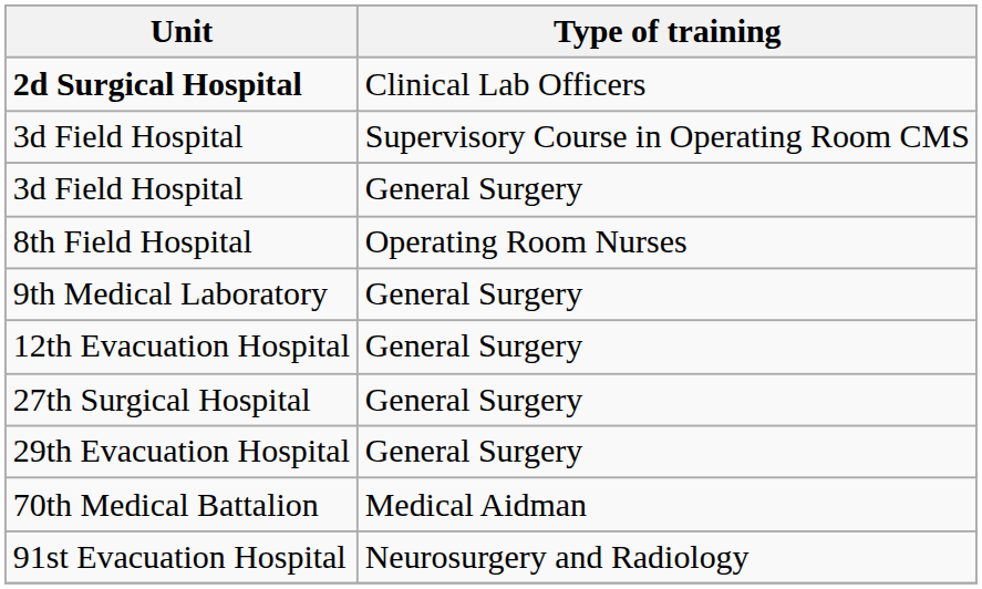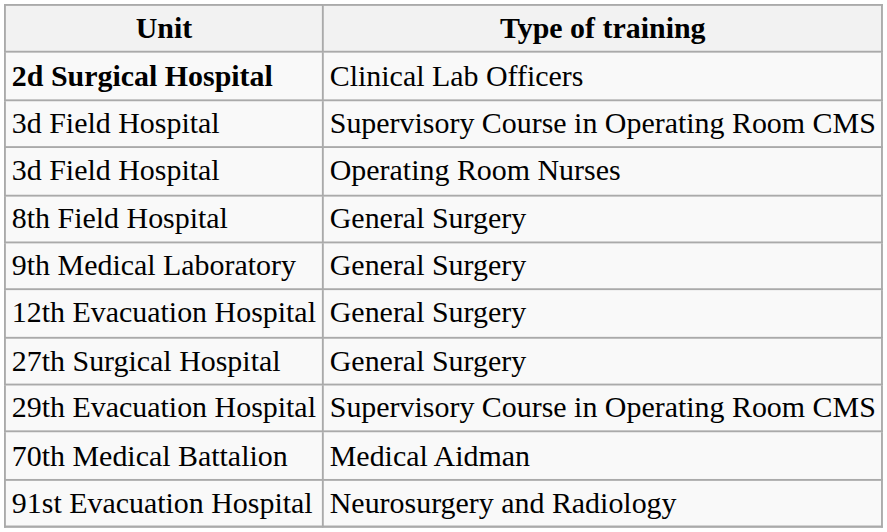 <table class="wikitable">
 <tr>
 <th>Unit</th>
 <th>Type of training</th>
 </tr>
 <tr>
 <td><strong>2d Surgical Hospital</strong></td>
 <td>Clinical Lab Officers</td>
 </tr>
 <tr>
 <td>3d Field Hospital</td>
 <td>Supervisory Course in Operating Room CMS</td>
 </tr>
 <tr>
 <td>3d Field Hospital</td>
-<td>General Surgery</td>
+<td>Operating Room Nurses</td>
 </tr>
 <tr>
 <td>8th Field Hospital</td>
-<td>Operating Room Nurses</td>
+<td>General Surgery</td>
 </tr>
 <tr>
 <td>9th Medical Laboratory</td>
 <td>General Surgery</td>
 </tr>
 <tr>
 <td>12th Evacuation Hospital</td>
 <td>General Surgery</td>
 </tr>
 <tr>
 <td>27th Surgical Hospital</td>
 <td>General Surgery</td>
 </tr>
 <tr>
 <td>29th Evacuation Hospital</td>
-<td>General Surgery</td>
+<td>Supervisory Course in Operating Room CMS</td>
 </tr>
 <tr>
 <td>70th Medical Battalion</td>
 <td>Medical Aidman</td>
 </tr>
 <tr>
 <td>91st Evacuation Hospital</td>
 <td>Neurosurgery and Radiology</td>
 </tr>
 <tr>
 </tr>
 </table>
